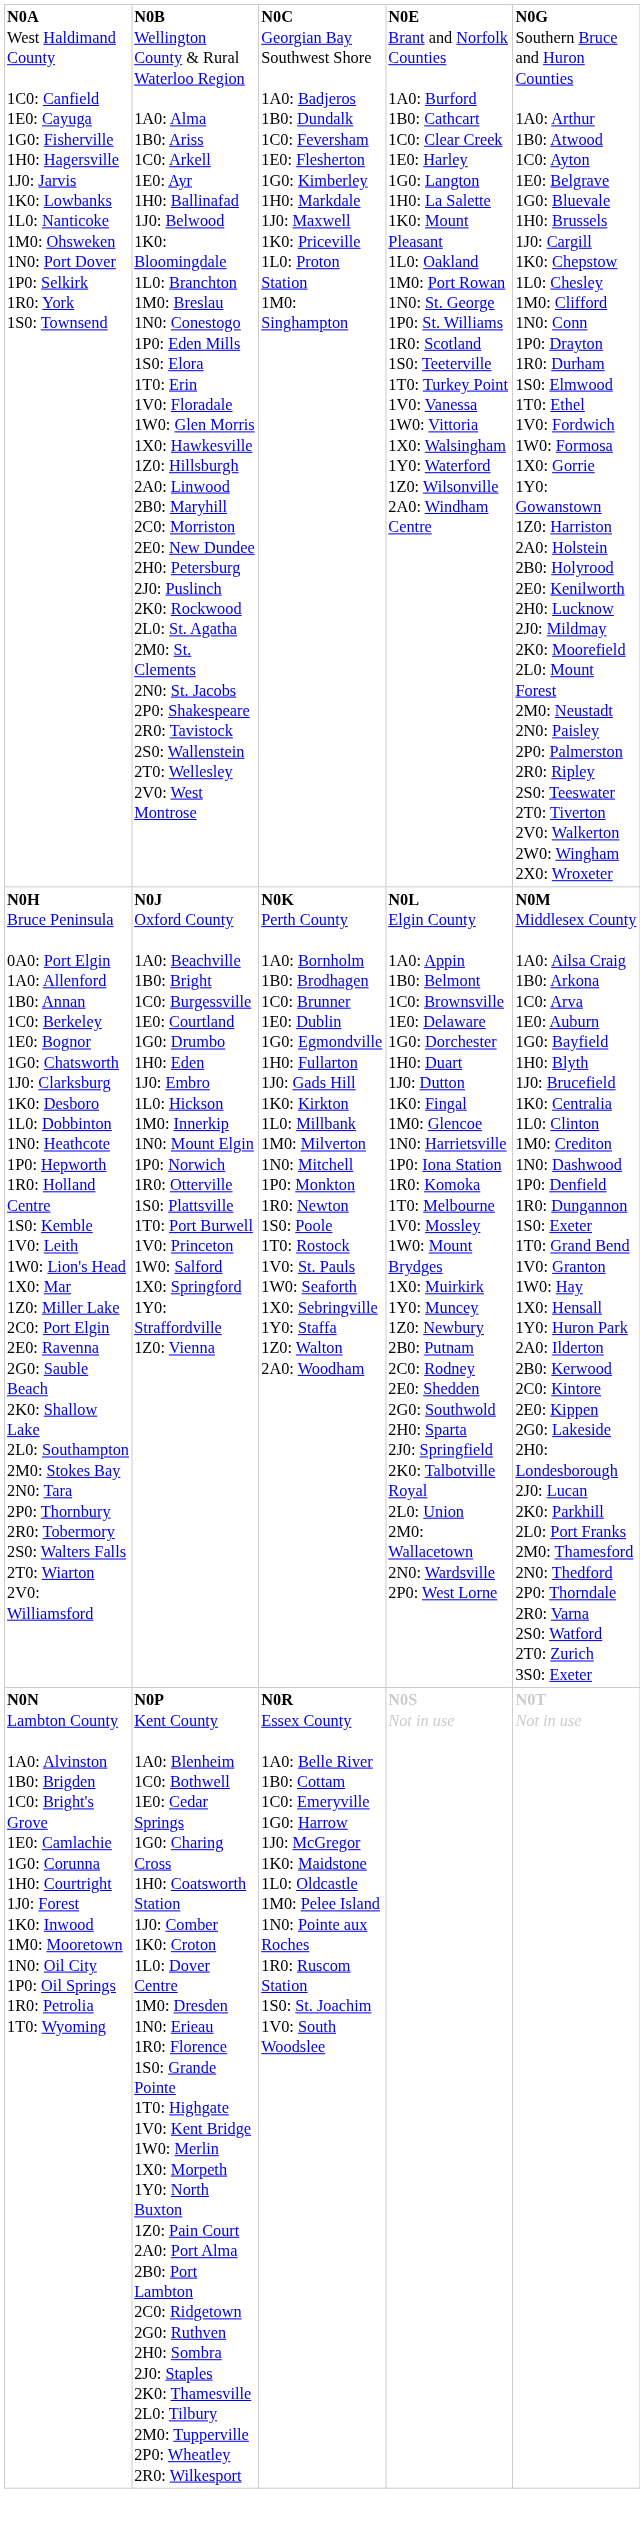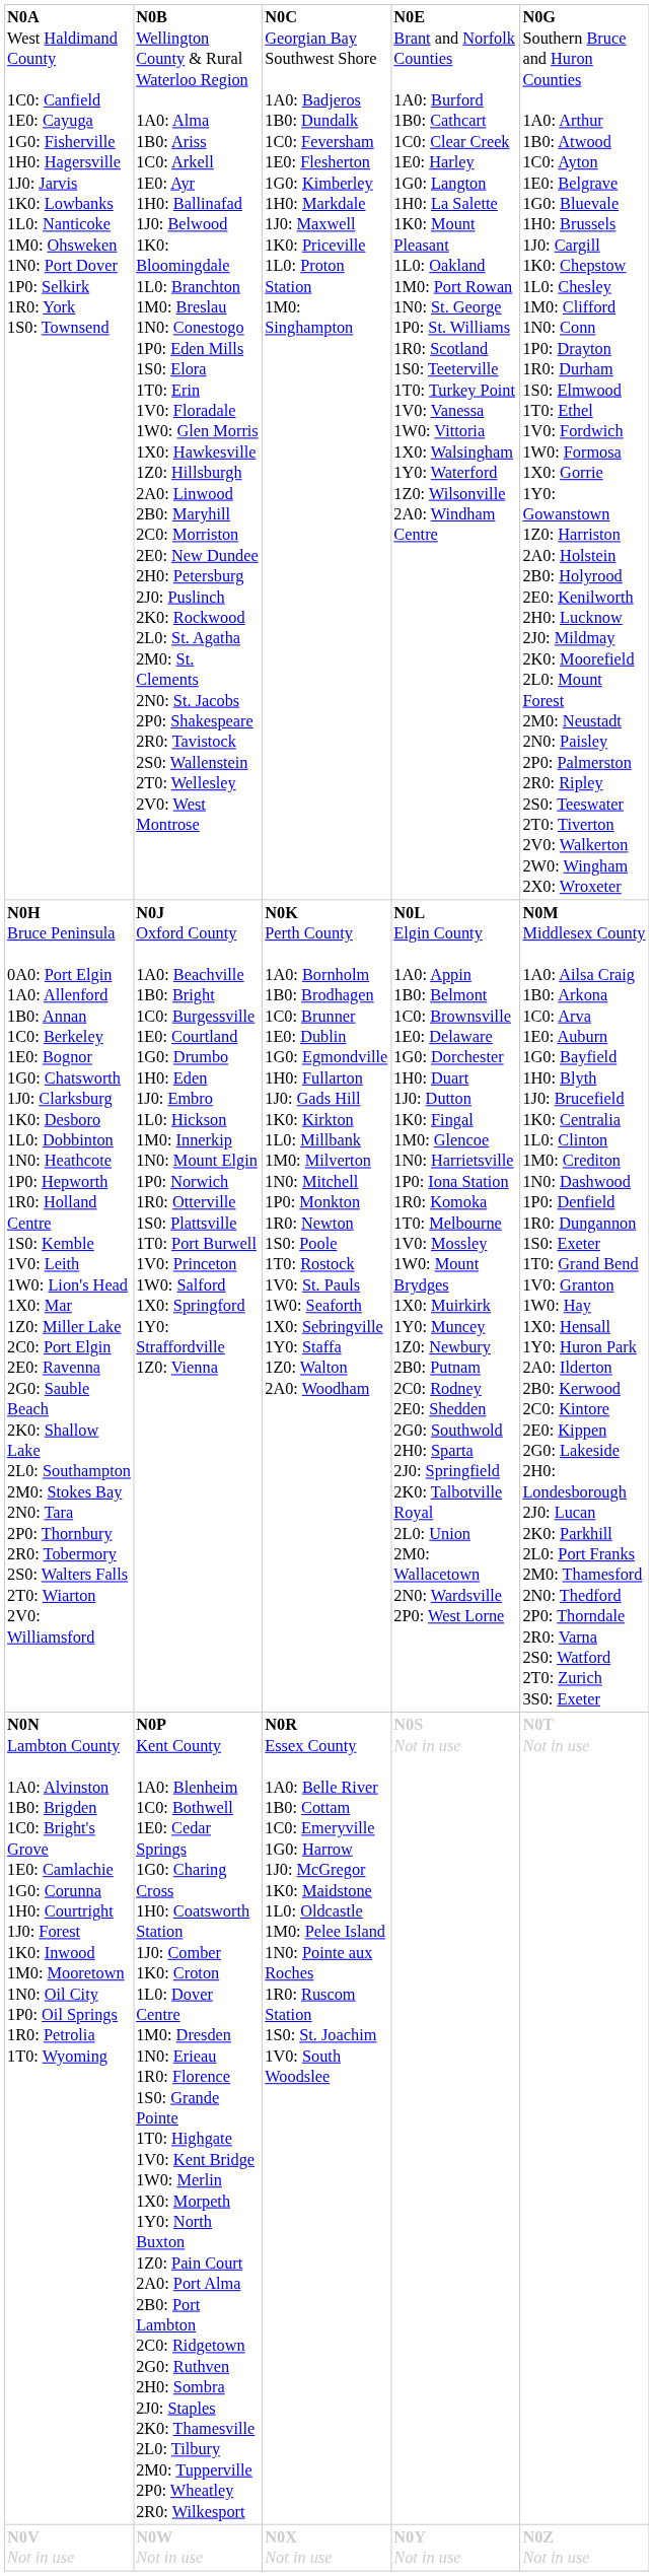 <table rules="all" width=100% cellspacing=0 cellpadding=2 style="border-collapse: collapse; border: 1px solid #ccc; line-height: 125%;">
 <tr>
 <td width=20% valign=top><strong>N0A</strong><br>West <a href='#'>Haldimand County</a><br><br><span> 1C0: <a href='#'>Canfield</a><br> 1E0: <a href='#'>Cayuga</a><br> 1G0: <a href='#'>Fisherville</a><br> 1H0: <a href='#'>Hagersville</a><br> 1J0: <a href='#'>Jarvis</a><br> 1K0: <a href='#'>Lowbanks</a><br> 1L0: <a href='#'>Nanticoke</a><br> 1M0: <a href='#'>Ohsweken</a><br> 1N0: <a href='#'>Port Dover</a><br> 1P0: <a href='#'>Selkirk</a><br> 1R0: <a href='#'>York</a><br> 1S0: <a href='#'>Townsend</a> </span></td>
 <td width=20% valign=top><strong>N0B</strong><br><a href='#'>Wellington County</a> & Rural <a href='#'>Waterloo Region</a> <br><br><span> 1A0: <a href='#'>Alma</a><br> 1B0: <a href='#'>Ariss</a><br> 1C0: <a href='#'>Arkell</a><br> 1E0: <a href='#'>Ayr</a><br> 1H0: <a href='#'>Ballinafad</a><br> 1J0: <a href='#'>Belwood</a><br> 1K0: <a href='#'>Bloomingdale</a><br> 1L0: <a href='#'>Branchton</a><br> 1M0: <a href='#'>Breslau</a><br> 1N0: <a href='#'>Conestogo</a><br> 1P0: <a href='#'>Eden Mills</a><br> 1S0: <a href='#'>Elora</a><br> 1T0: <a href='#'>Erin</a><br> 1V0: <a href='#'>Floradale</a><br> 1W0: <a href='#'>Glen Morris</a><br> 1X0: <a href='#'>Hawkesville</a><br> 1Z0: <a href='#'>Hillsburgh</a><br> 2A0: <a href='#'>Linwood</a><br> 2B0: <a href='#'>Maryhill</a><br> 2C0: <a href='#'>Morriston</a><br> 2E0: <a href='#'>New Dundee</a><br> 2H0: <a href='#'>Petersburg</a><br> 2J0: <a href='#'>Puslinch</a><br> 2K0: <a href='#'>Rockwood</a><br> 2L0: <a href='#'>St. Agatha</a><br> 2M0: <a href='#'>St. Clements</a><br> 2N0: <a href='#'>St. Jacobs</a><br> 2P0: <a href='#'>Shakespeare</a><br> 2R0: <a href='#'>Tavistock</a><br> 2S0: <a href='#'>Wallenstein</a><br> 2T0: <a href='#'>Wellesley</a><br> 2V0: <a href='#'>West Montrose</a> </span></td>
 <td width=20% valign=top><strong>N0C</strong><br><a href='#'>Georgian Bay</a> Southwest Shore<br><br><span> 1A0: <a href='#'>Badjeros</a><br> 1B0: <a href='#'>Dundalk</a><br> 1C0: <a href='#'>Feversham</a><br> 1E0: <a href='#'>Flesherton</a><br> 1G0: <a href='#'>Kimberley</a><br> 1H0: <a href='#'>Markdale</a><br> 1J0: <a href='#'>Maxwell</a><br> 1K0: <a href='#'>Priceville</a><br> 1L0: <a href='#'>Proton Station</a><br> 1M0: <a href='#'>Singhampton</a><br> </span></td>
 <td width=20% valign=top><strong>N0E</strong><br><a href='#'>Brant</a> and <a href='#'>Norfolk Counties</a><br><br><span> 1A0: <a href='#'>Burford</a><br> 1B0: <a href='#'>Cathcart</a><br> 1C0: <a href='#'>Clear Creek</a><br> 1E0: <a href='#'>Harley</a><br> 1G0: <a href='#'>Langton</a><br> 1H0: <a href='#'>La Salette</a><br> 1K0: <a href='#'>Mount Pleasant</a><br> 1L0: <a href='#'>Oakland</a><br> 1M0: <a href='#'>Port Rowan</a><br> 1N0: <a href='#'>St. George</a><br> 1P0: <a href='#'>St. Williams</a><br> 1R0: <a href='#'>Scotland</a><br> 1S0: <a href='#'>Teeterville</a><br> 1T0: <a href='#'>Turkey Point</a><br> 1V0: <a href='#'>Vanessa</a><br> 1W0: <a href='#'>Vittoria</a><br> 1X0: <a href='#'>Walsingham</a><br> 1Y0: <a href='#'>Waterford</a><br> 1Z0: <a href='#'>Wilsonville</a><br> 2A0: <a href='#'>Windham Centre</a> </span></td>
 <td width=20% valign=top><strong>N0G</strong><br>Southern <a href='#'>Bruce</a> and <a href='#'>Huron Counties</a><br><br><span> 1A0: <a href='#'>Arthur</a><br> 1B0: <a href='#'>Atwood</a><br> 1C0: <a href='#'>Ayton</a><br> 1E0: <a href='#'>Belgrave</a><br> 1G0: <a href='#'>Bluevale</a><br> 1H0: <a href='#'>Brussels</a><br> 1J0: <a href='#'>Cargill</a><br> 1K0: <a href='#'>Chepstow</a><br> 1L0: <a href='#'>Chesley</a><br> 1M0: <a href='#'>Clifford</a><br> 1N0: <a href='#'>Conn</a><br> 1P0: <a href='#'>Drayton</a><br> 1R0: <a href='#'>Durham</a><br> 1S0: <a href='#'>Elmwood</a><br> 1T0: <a href='#'>Ethel</a><br> 1V0: <a href='#'>Fordwich</a><br> 1W0: <a href='#'>Formosa</a><br> 1X0: <a href='#'>Gorrie</a><br> 1Y0: <a href='#'>Gowanstown</a><br> 1Z0: <a href='#'>Harriston</a><br> 2A0: <a href='#'>Holstein</a><br> 2B0: <a href='#'>Holyrood</a><br> 2E0: <a href='#'>Kenilworth</a><br> 2H0: <a href='#'>Lucknow</a><br> 2J0: <a href='#'>Mildmay</a><br> 2K0: <a href='#'>Moorefield</a><br> 2L0: <a href='#'>Mount Forest</a><br> 2M0: <a href='#'>Neustadt</a><br> 2N0: <a href='#'>Paisley</a><br> 2P0: <a href='#'>Palmerston</a><br> 2R0: <a href='#'>Ripley</a><br> 2S0: <a href='#'>Teeswater</a><br> 2T0: <a href='#'>Tiverton</a><br> 2V0: <a href='#'>Walkerton</a><br> 2W0: <a href='#'>Wingham</a><br> 2X0: <a href='#'>Wroxeter</a> </span></td>
 </tr>
 <tr>
 <td width=20% valign=top><strong>N0H</strong><br><a href='#'>Bruce Peninsula</a><br><br><span> 0A0: <a href='#'>Port Elgin</a><br> 1A0: <a href='#'>Allenford</a><br> 1B0: <a href='#'>Annan</a><br> 1C0: <a href='#'>Berkeley</a><br> 1E0: <a href='#'>Bognor</a><br> 1G0: <a href='#'>Chatsworth</a><br> 1J0: <a href='#'>Clarksburg</a><br> 1K0: <a href='#'>Desboro</a><br> 1L0: <a href='#'>Dobbinton</a><br> 1N0: <a href='#'>Heathcote</a><br> 1P0: <a href='#'>Hepworth</a><br> 1R0: <a href='#'>Holland Centre</a><br> 1S0: <a href='#'>Kemble</a><br> 1V0: <a href='#'>Leith</a><br> 1W0: <a href='#'>Lion's Head</a><br> 1X0: <a href='#'>Mar</a><br> 1Z0: <a href='#'>Miller Lake</a><br> 2C0: <a href='#'>Port Elgin</a><br> 2E0: <a href='#'>Ravenna</a><br> 2G0: <a href='#'>Sauble Beach</a><br> 2K0: <a href='#'>Shallow Lake</a><br> 2L0: <a href='#'>Southampton</a><br> 2M0: <a href='#'>Stokes Bay</a><br> 2N0: <a href='#'>Tara</a><br> 2P0: <a href='#'>Thornbury</a><br> 2R0: <a href='#'>Tobermory</a><br> 2S0: <a href='#'>Walters Falls</a><br> 2T0: <a href='#'>Wiarton</a><br> 2V0: <a href='#'>Williamsford</a> </span></td>
 <td width=20% valign=top><strong>N0J</strong><br><a href='#'>Oxford County</a><br><br><span> 1A0: <a href='#'>Beachville</a><br> 1B0: <a href='#'>Bright</a><br> 1C0: <a href='#'>Burgessville</a><br> 1E0: <a href='#'>Courtland</a><br> 1G0: <a href='#'>Drumbo</a><br> 1H0: <a href='#'>Eden</a><br> 1J0: <a href='#'>Embro</a><br> 1L0: <a href='#'>Hickson</a><br> 1M0: <a href='#'>Innerkip</a><br> 1N0: <a href='#'>Mount Elgin</a><br> 1P0: <a href='#'>Norwich</a><br> 1R0: <a href='#'>Otterville</a><br> 1S0: <a href='#'>Plattsville</a><br> 1T0: <a href='#'>Port Burwell</a><br> 1V0: <a href='#'>Princeton</a><br> 1W0: <a href='#'>Salford</a><br> 1X0: <a href='#'>Springford</a><br> 1Y0: <a href='#'>Straffordville</a><br> 1Z0: <a href='#'>Vienna</a> </span></td>
 <td width=20% valign=top><strong>N0K</strong><br><a href='#'>Perth County</a><br><br><span> 1A0: <a href='#'>Bornholm</a><br> 1B0: <a href='#'>Brodhagen</a><br> 1C0: <a href='#'>Brunner</a><br> 1E0: <a href='#'>Dublin</a><br> 1G0: <a href='#'>Egmondville</a><br> 1H0: <a href='#'>Fullarton</a><br> 1J0: <a href='#'>Gads Hill</a><br> 1K0: <a href='#'>Kirkton</a><br> 1L0: <a href='#'>Millbank</a><br> 1M0: <a href='#'>Milverton</a><br> 1N0: <a href='#'>Mitchell</a><br> 1P0: <a href='#'>Monkton</a><br> 1R0: <a href='#'>Newton</a><br> 1S0: <a href='#'>Poole</a><br> 1T0: <a href='#'>Rostock</a><br> 1V0: <a href='#'>St. Pauls</a><br> 1W0: <a href='#'>Seaforth</a><br> 1X0: <a href='#'>Sebringville</a><br> 1Y0: <a href='#'>Staffa</a><br> 1Z0: <a href='#'>Walton</a><br> 2A0: <a href='#'>Woodham</a> </span></td>
 <td width=20% valign=top><strong>N0L</strong><br><a href='#'>Elgin County</a><br><br><span> 1A0: <a href='#'>Appin</a><br> 1B0: <a href='#'>Belmont</a><br> 1C0: <a href='#'>Brownsville</a><br> 1E0: <a href='#'>Delaware</a><br> 1G0: <a href='#'>Dorchester</a><br> 1H0: <a href='#'>Duart</a><br> 1J0: <a href='#'>Dutton</a><br> 1K0: <a href='#'>Fingal</a><br> 1M0: <a href='#'>Glencoe</a><br> 1N0: <a href='#'>Harrietsville</a><br> 1P0: <a href='#'>Iona Station</a><br> 1R0: <a href='#'>Komoka</a><br> 1T0: <a href='#'>Melbourne</a><br> 1V0: <a href='#'>Mossley</a><br> 1W0: <a href='#'>Mount Brydges</a><br> 1X0: <a href='#'>Muirkirk</a><br> 1Y0: <a href='#'>Muncey</a><br> 1Z0: <a href='#'>Newbury</a><br> 2B0: <a href='#'>Putnam</a><br> 2C0: <a href='#'>Rodney</a><br> 2E0: <a href='#'>Shedden</a><br> 2G0: <a href='#'>Southwold</a><br> 2H0: <a href='#'>Sparta</a><br> 2J0: <a href='#'>Springfield</a><br> 2K0: <a href='#'>Talbotville Royal</a><br> 2L0: <a href='#'>Union</a><br> 2M0: <a href='#'>Wallacetown</a><br> 2N0: <a href='#'>Wardsville</a><br> 2P0: <a href='#'>West Lorne</a> </span></td>
 <td width=20% valign=top><strong>N0M</strong><br><a href='#'>Middlesex County</a><br><br><span> 1A0: <a href='#'>Ailsa Craig</a><br> 1B0: <a href='#'>Arkona</a><br> 1C0: <a href='#'>Arva</a><br> 1E0: <a href='#'>Auburn</a><br> 1G0: <a href='#'>Bayfield</a><br> 1H0: <a href='#'>Blyth</a><br> 1J0: <a href='#'>Brucefield</a><br> 1K0: <a href='#'>Centralia</a><br> 1L0: <a href='#'>Clinton</a><br> 1M0: <a href='#'>Crediton</a><br> 1N0: <a href='#'>Dashwood</a><br> 1P0: <a href='#'>Denfield</a><br> 1R0: <a href='#'>Dungannon</a><br> 1S0: <a href='#'>Exeter</a><br> 1T0: <a href='#'>Grand Bend</a><br> 1V0: <a href='#'>Granton</a><br> 1W0: <a href='#'>Hay</a><br> 1X0: <a href='#'>Hensall</a><br> 1Y0: <a href='#'>Huron Park</a><br> 2A0: <a href='#'>Ilderton</a><br> 2B0: <a href='#'>Kerwood</a><br> 2C0: <a href='#'>Kintore</a><br> 2E0: <a href='#'>Kippen</a><br> 2G0: <a href='#'>Lakeside</a><br> 2H0: <a href='#'>Londesborough</a><br> 2J0: <a href='#'>Lucan</a><br> 2K0: <a href='#'>Parkhill</a><br> 2L0: <a href='#'>Port Franks</a><br> 2M0: <a href='#'>Thamesford</a><br> 2N0: <a href='#'>Thedford</a><br> 2P0: <a href='#'>Thorndale</a><br> 2R0: <a href='#'>Varna</a><br> 2S0: <a href='#'>Watford</a><br> 2T0: <a href='#'>Zurich</a><br> 3S0: <a href='#'>Exeter</a> </span></td>
 </tr>
 <tr>
 <td width=20% valign=top><strong>N0N</strong><br><a href='#'>Lambton County</a><br><br><span> 1A0: <a href='#'>Alvinston</a><br> 1B0: <a href='#'>Brigden</a><br> 1C0: <a href='#'>Bright's Grove</a><br> 1E0: <a href='#'>Camlachie</a><br> 1G0: <a href='#'>Corunna</a><br> 1H0: <a href='#'>Courtright</a><br> 1J0: <a href='#'>Forest</a><br> 1K0: <a href='#'>Inwood</a><br> 1M0: <a href='#'>Mooretown</a><br> 1N0: <a href='#'>Oil City</a><br> 1P0: <a href='#'>Oil Springs</a><br> 1R0: <a href='#'>Petrolia</a><br> 1T0: <a href='#'>Wyoming</a> </span></td>
 <td width=20% valign=top><strong>N0P</strong><br><a href='#'>Kent County</a><br><br><span> 1A0: <a href='#'>Blenheim</a><br> 1C0: <a href='#'>Bothwell</a><br> 1E0: <a href='#'>Cedar Springs</a><br> 1G0: <a href='#'>Charing Cross</a><br> 1H0: <a href='#'>Coatsworth Station</a><br> 1J0: <a href='#'>Comber</a><br> 1K0: <a href='#'>Croton</a><br> 1L0: <a href='#'>Dover Centre</a><br> 1M0: <a href='#'>Dresden</a><br> 1N0: <a href='#'>Erieau</a><br> 1R0: <a href='#'>Florence</a><br> 1S0: <a href='#'>Grande Pointe</a><br> 1T0: <a href='#'>Highgate</a><br> 1V0: <a href='#'>Kent Bridge</a><br> 1W0: <a href='#'>Merlin</a><br> 1X0: <a href='#'>Morpeth</a><br> 1Y0: <a href='#'>North Buxton</a><br> 1Z0: <a href='#'>Pain Court</a><br> 2A0: <a href='#'>Port Alma</a><br> 2B0: <a href='#'>Port Lambton</a><br> 2C0: <a href='#'>Ridgetown</a><br> 2G0: <a href='#'>Ruthven</a><br> 2H0: <a href='#'>Sombra</a><br> 2J0: <a href='#'>Staples</a><br> 2K0: <a href='#'>Thamesville</a><br> 2L0: <a href='#'>Tilbury</a><br> 2M0: <a href='#'>Tupperville</a><br> 2P0: <a href='#'>Wheatley</a><br> 2R0: <a href='#'>Wilkesport</a> </span></td>
 <td width=20% valign=top><strong>N0R</strong><br><a href='#'>Essex County</a><br><br><span> 1A0: <a href='#'>Belle River</a><br> 1B0: <a href='#'>Cottam</a><br> 1C0: <a href='#'>Emeryville</a><br> 1G0: <a href='#'>Harrow</a><br> 1J0: <a href='#'>McGregor</a><br> 1K0: <a href='#'>Maidstone</a><br> 1L0: <a href='#'>Oldcastle</a><br> 1M0: <a href='#'>Pelee Island</a><br> 1N0: <a href='#'>Pointe aux Roches</a><br> 1R0: <a href='#'>Ruscom Station</a><br> 1S0: <a href='#'>St. Joachim</a><br> 1V0: <a href='#'>South Woodslee</a> </span></td>
 <td width=20% valign=top style="color: #CCC;"><strong>N0S</strong><br><em>Not in use</em></td>
 <td width=20% valign=top style="color: #CCC;"><strong>N0T</strong><br><em>Not in use</em></td>
 </tr>
+<tr>
+<td width=20% valign=top style="color: #CCC;"><strong>N0V</strong><br><em>Not in use</em></td>
+<td width=20% valign=top style="color: #CCC;"><strong>N0W</strong><br><em>Not in use</em></td>
+<td width=20% valign=top style="color: #CCC;"><strong>N0X</strong><br><em>Not in use</em></td>
+<td width=20% valign=top style="color: #CCC;"><strong>N0Y</strong><br><em>Not in use</em></td>
+<td width=20% valign=top style="color: #CCC;"><strong>N0Z</strong><br><em>Not in use</em></td>
+</tr>
 </table>
